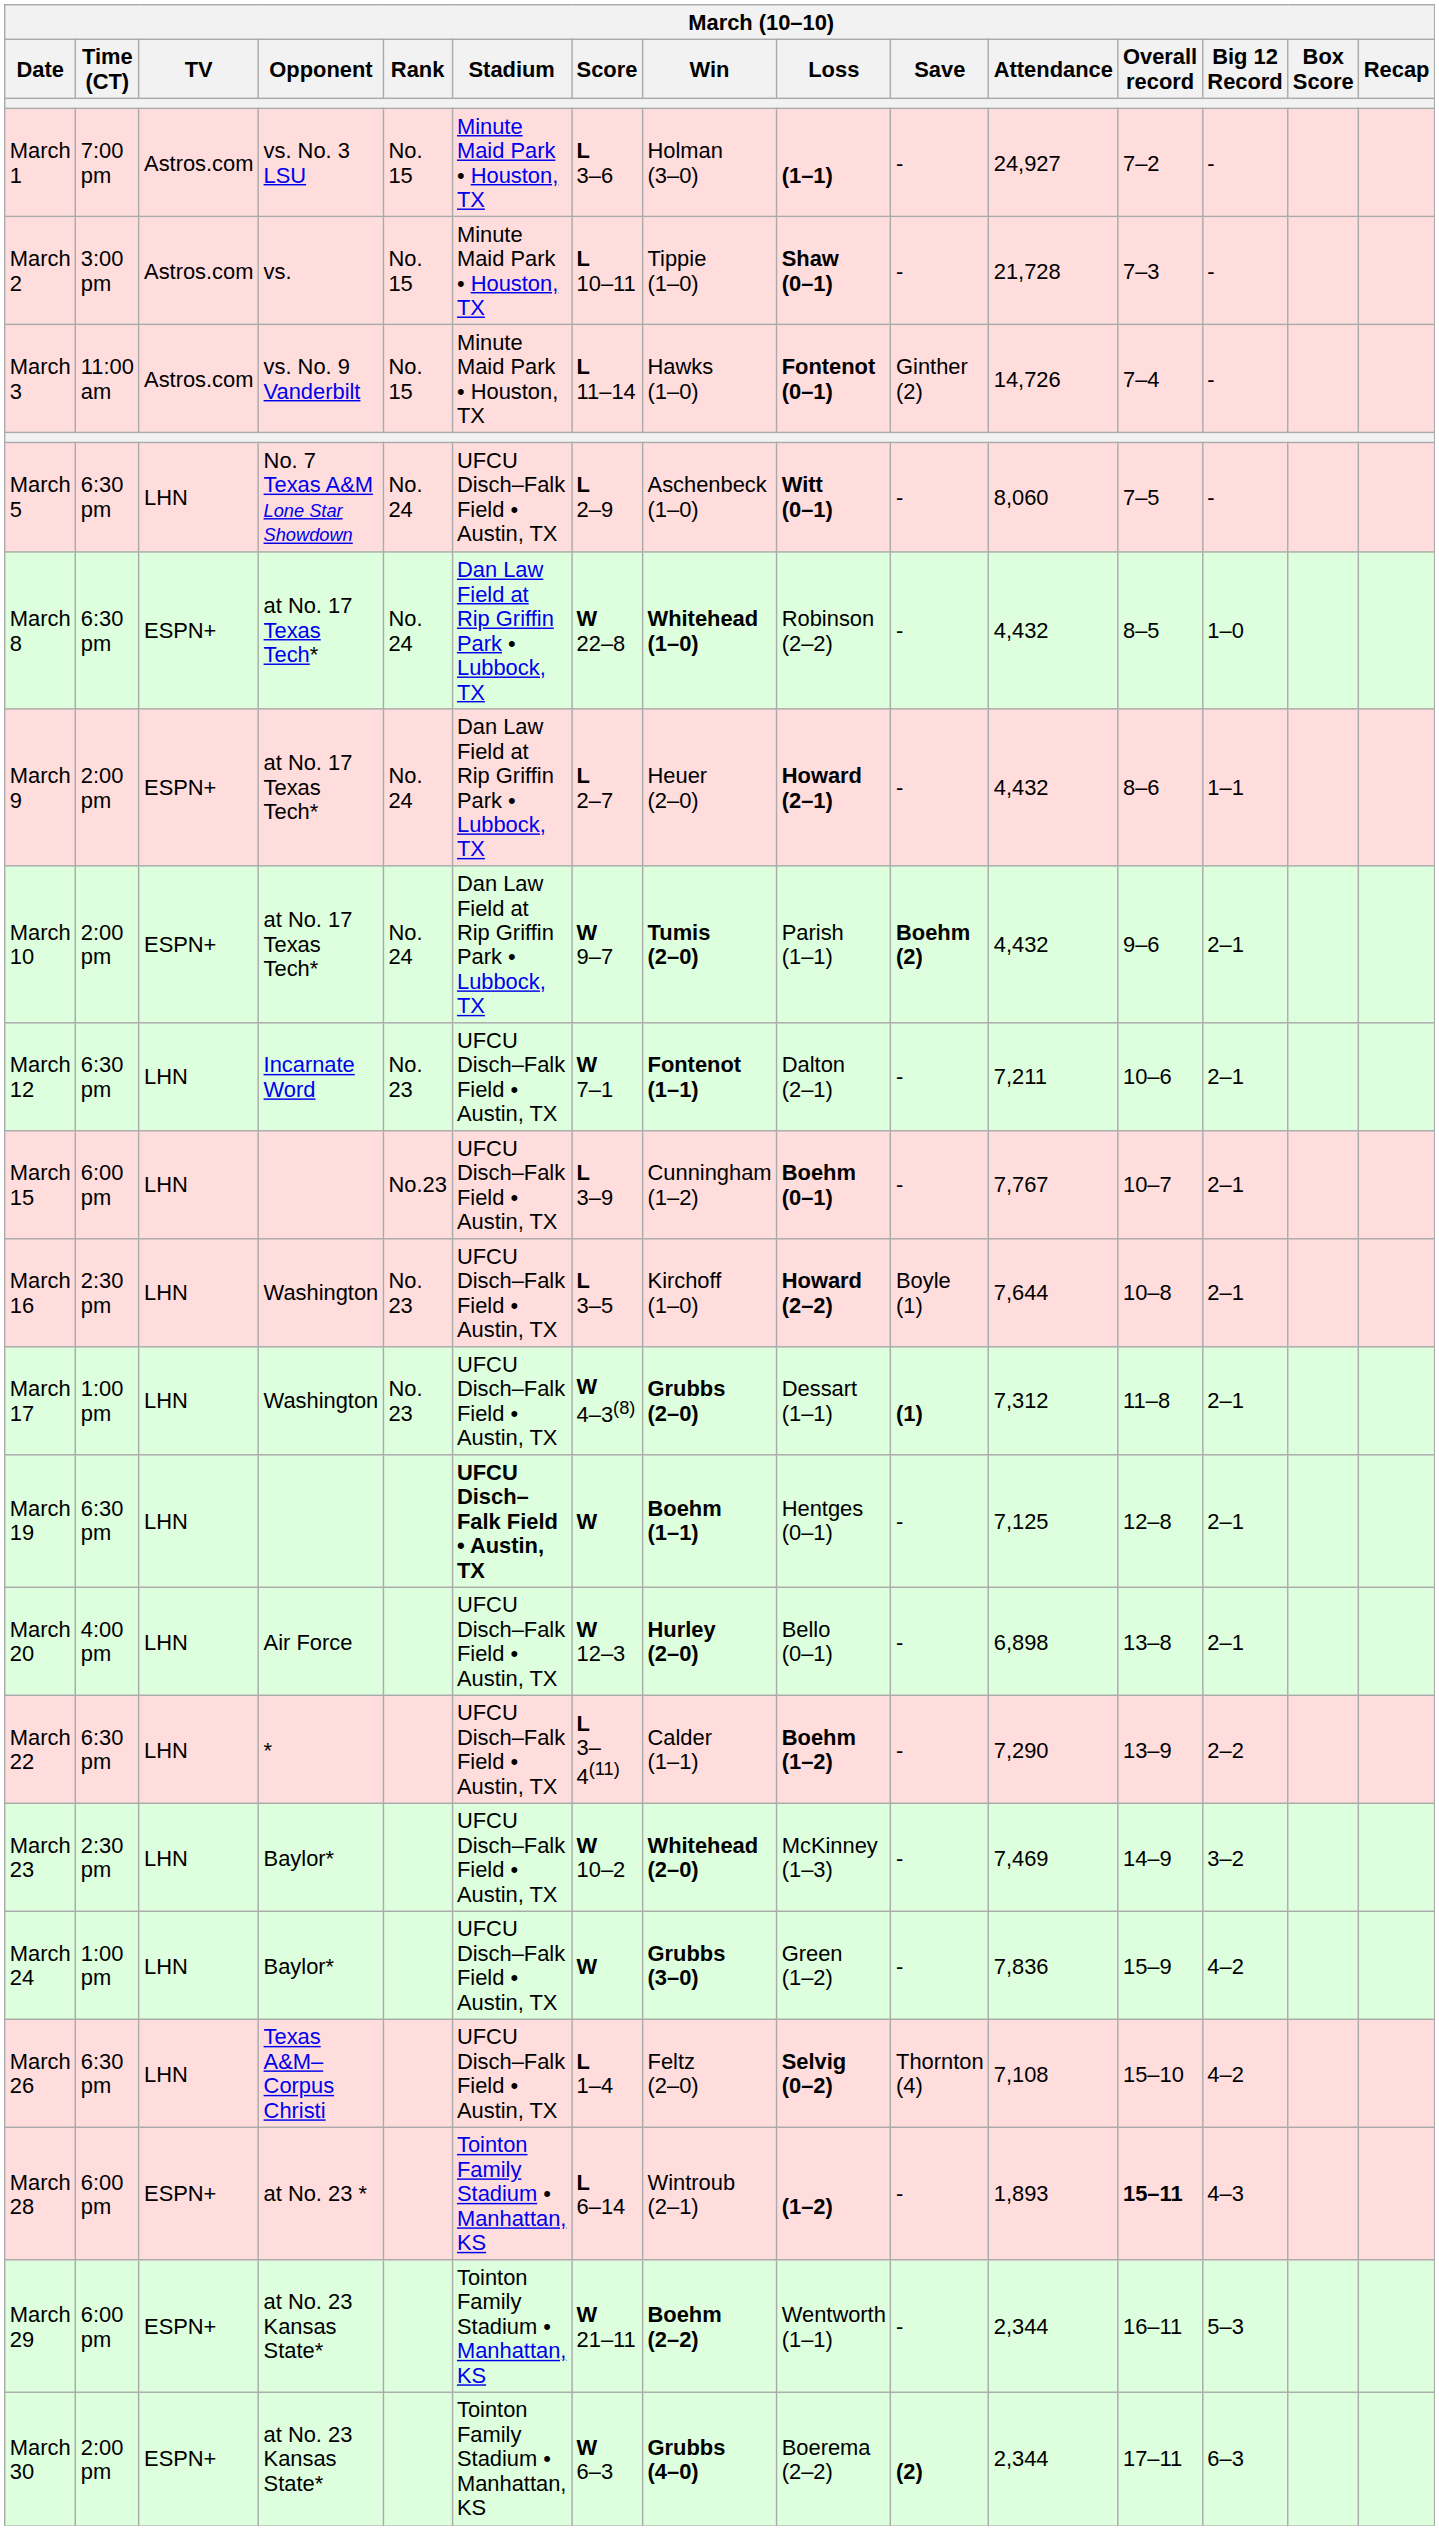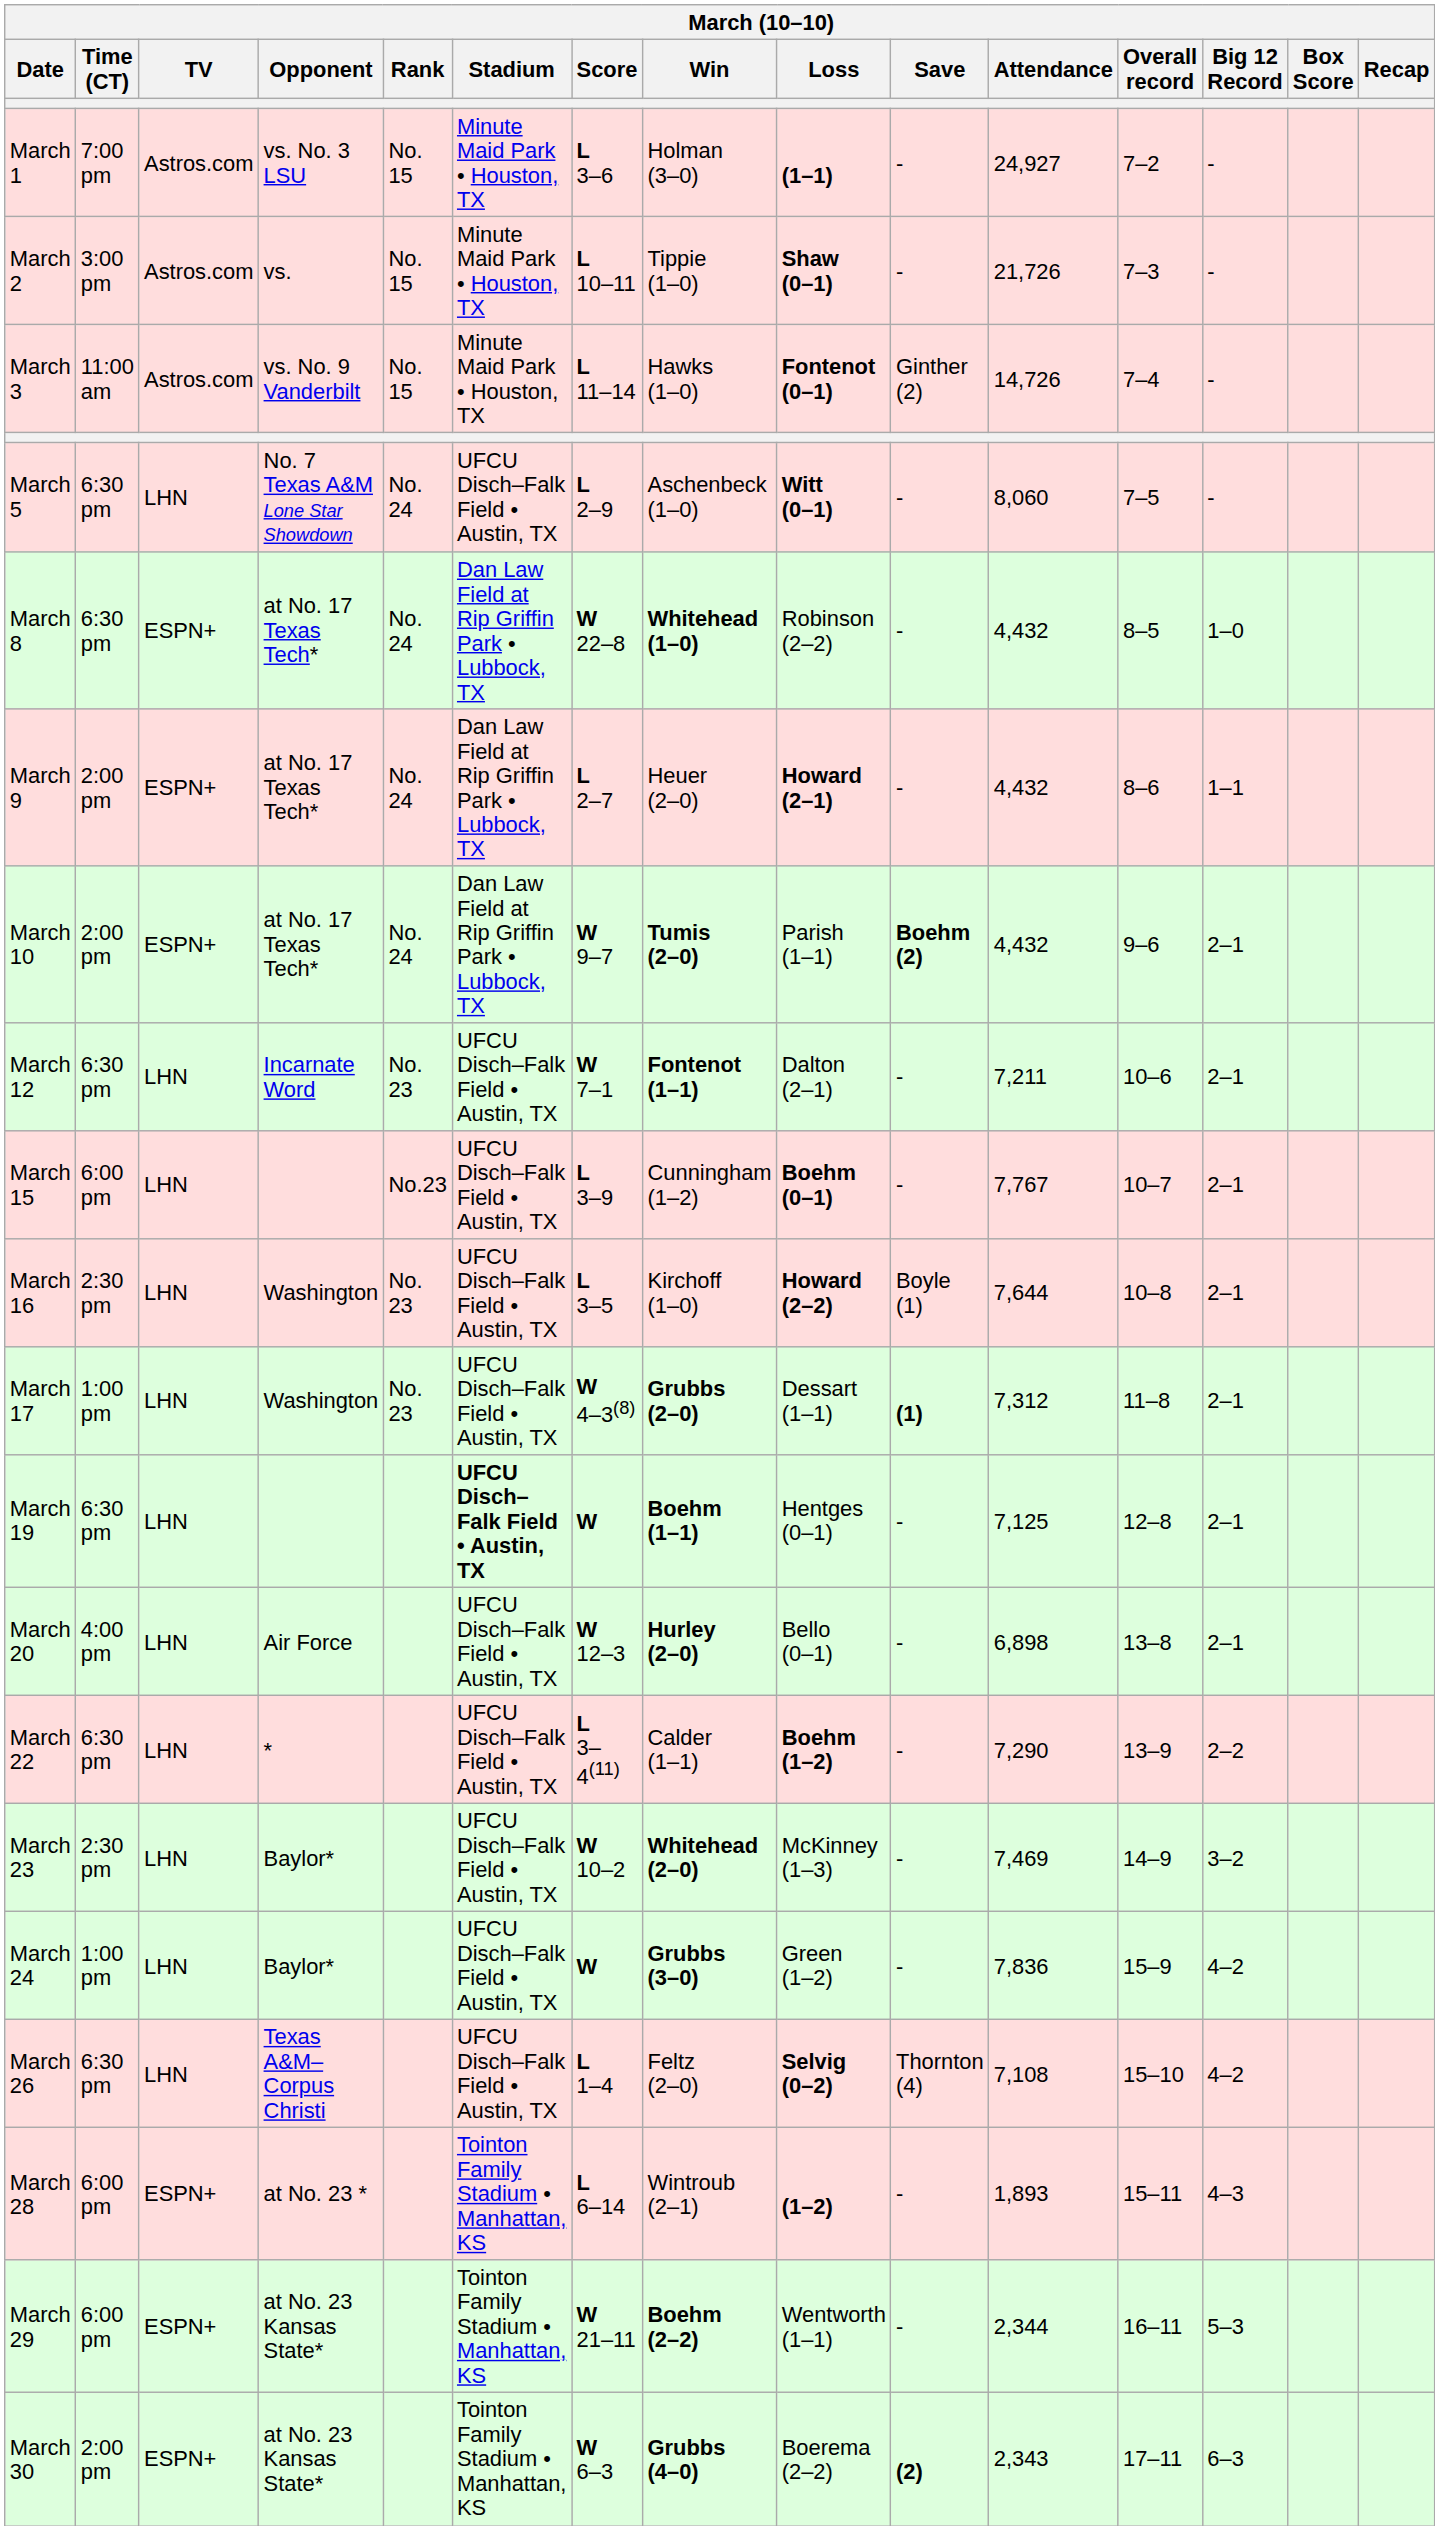 <table class="wikitable collapsible collapsed" style="margin:auto; font-size:95%; width:100%">
 <tr>
 <th colspan=15 style="padding-left:4em;">March (10–10)</th>
 </tr>
 <tr>
 <th>Date</th>
 <th>Time (CT)</th>
 <th>TV</th>
 <th>Opponent</th>
 <th>Rank</th>
 <th>Stadium</th>
 <th>Score</th>
 <th>Win</th>
 <th>Loss</th>
 <th>Save</th>
 <th>Attendance</th>
 <th>Overall record</th>
 <th>Big 12 Record</th>
 <th>Box Score</th>
 <th>Recap</th>
 </tr>
 <tr>
 <th colspan=15></th>
 </tr>
 <tr bgcolor=ffdddd>
 <td>March 1</td>
 <td>7:00 pm</td>
 <td>Astros.com</td>
 <td>vs. No. 3 <a href='#'>LSU</a></td>
 <td>No. 15</td>
 <td><a href='#'>Minute Maid Park</a> • <a href='#'>Houston, TX</a></td>
 <td><strong>L</strong><br>3–6</td>
 <td>Holman<br>(3–0)</td>
 <td><strong><br>(1–1)</strong></td>
 <td>-</td>
 <td>24,927</td>
 <td>7–2</td>
 <td>-</td>
 <td></td>
 <td></td>
 </tr>
 <tr bgcolor=ffdddd>
 <td>March 2</td>
 <td>3:00 pm</td>
 <td>Astros.com</td>
 <td>vs.  </td>
 <td>No. 15</td>
 <td>Minute Maid Park • <a href='#'>Houston, TX</a></td>
 <td><strong>L</strong><br>10–11</td>
 <td>Tippie<br>(1–0)</td>
 <td><strong>Shaw<br>(0–1)</strong></td>
 <td>-</td>
-<td>21,728</td>
+<td>21,726</td>
 <td>7–3</td>
 <td>-</td>
 <td></td>
 <td></td>
 </tr>
 <tr bgcolor=ffdddd>
 <td>March 3</td>
 <td>11:00 am</td>
 <td>Astros.com</td>
 <td>vs.  No. 9 <a href='#'>Vanderbilt</a></td>
 <td>No. 15</td>
 <td>Minute Maid Park • Houston, TX</td>
 <td><strong>L</strong><br>11–14</td>
 <td>Hawks<br>(1–0)</td>
 <td><strong>Fontenot<br>(0–1)</strong></td>
 <td>Ginther<br>(2)</td>
 <td>14,726</td>
 <td>7–4</td>
 <td>-</td>
 <td></td>
 <td></td>
 </tr>
 <tr>
 <th colspan=15></th>
 </tr>
 <tr bgcolor=ffdddd>
 <td>March 5</td>
 <td>6:30 pm</td>
 <td>LHN</td>
 <td>No. 7 <a href='#'>Texas A&M</a><br><small><em><a href='#'>Lone Star Showdown</a></em></small></td>
 <td>No. 24</td>
 <td>UFCU Disch–Falk Field • Austin, TX</td>
 <td><strong>L</strong><br>2–9</td>
 <td>Aschenbeck<br>(1–0)</td>
 <td><strong>Witt<br>(0–1)</strong></td>
 <td>-</td>
 <td>8,060</td>
 <td>7–5</td>
 <td>-</td>
 <td></td>
 <td></td>
 </tr>
 <tr bgcolor=ddffdd>
 <td>March 8</td>
 <td>6:30 pm</td>
 <td>ESPN+</td>
 <td>at  No. 17 <a href='#'>Texas Tech</a>*</td>
 <td>No. 24</td>
 <td><a href='#'>Dan Law Field at Rip Griffin Park</a> • <a href='#'>Lubbock, TX</a></td>
 <td><strong>W</strong><br>22–8</td>
 <td><strong>Whitehead<br>(1–0)</strong></td>
 <td>Robinson<br>(2–2)</td>
 <td>-</td>
 <td>4,432</td>
 <td>8–5</td>
 <td>1–0</td>
 <td></td>
 <td></td>
 </tr>
 <tr bgcolor= ffdddd>
 <td>March 9</td>
 <td>2:00 pm</td>
 <td>ESPN+</td>
 <td>at  No. 17 Texas Tech*</td>
 <td>No. 24</td>
 <td>Dan Law Field at Rip Griffin Park • <a href='#'>Lubbock, TX</a></td>
 <td><strong>L</strong><br>2–7</td>
 <td>Heuer<br>(2–0)</td>
 <td><strong>Howard<br>(2–1)</strong></td>
 <td>-</td>
 <td>4,432</td>
 <td>8–6</td>
 <td>1–1</td>
 <td></td>
 <td></td>
 </tr>
 <tr bgcolor=ddffdd>
 <td>March 10</td>
 <td>2:00 pm</td>
 <td>ESPN+</td>
 <td>at  No. 17 Texas Tech*</td>
 <td>No. 24</td>
 <td>Dan Law Field at Rip Griffin Park • <a href='#'>Lubbock, TX</a></td>
 <td><strong>W</strong><br>9–7</td>
 <td><strong>Tumis<br>(2–0)</strong></td>
 <td>Parish<br>(1–1)</td>
 <td><strong>Boehm<br>(2)</strong></td>
 <td>4,432</td>
 <td>9–6</td>
 <td>2–1</td>
 <td></td>
 <td></td>
 </tr>
 <tr bgcolor=ddffdd>
 <td>March 12</td>
 <td>6:30 pm</td>
 <td>LHN</td>
 <td><a href='#'>Incarnate Word</a></td>
 <td>No. 23</td>
 <td>UFCU Disch–Falk Field • Austin, TX</td>
 <td><strong>W</strong><br>7–1</td>
 <td><strong>Fontenot<br>(1–1)</strong></td>
 <td>Dalton<br>(2–1)</td>
 <td>-</td>
 <td>7,211</td>
 <td>10–6</td>
 <td>2–1</td>
 <td></td>
 <td></td>
 </tr>
 <tr bgcolor=ffdddd>
 <td>March 15</td>
 <td>6:00 pm</td>
 <td>LHN</td>
 <td></td>
 <td>No.23</td>
 <td>UFCU Disch–Falk Field • Austin, TX</td>
 <td><strong>L</strong><br>3–9</td>
 <td>Cunningham<br>(1–2)</td>
 <td><strong>Boehm<br>(0–1)</strong></td>
 <td>-</td>
 <td>7,767</td>
 <td>10–7</td>
 <td>2–1</td>
 <td></td>
 <td></td>
 </tr>
 <tr bgcolor=ffdddd>
 <td>March 16</td>
 <td>2:30 pm</td>
 <td>LHN</td>
 <td>Washington</td>
 <td>No. 23</td>
 <td>UFCU Disch–Falk Field • Austin, TX</td>
 <td><strong>L</strong><br>3–5</td>
 <td>Kirchoff<br>(1–0)</td>
 <td><strong>Howard<br>(2–2)</strong></td>
 <td>Boyle<br>(1)</td>
 <td>7,644</td>
 <td>10–8</td>
 <td>2–1</td>
 <td></td>
 <td></td>
 </tr>
 <tr bgcolor=ddffdd>
 <td>March 17</td>
 <td>1:00 pm</td>
 <td>LHN</td>
 <td>Washington</td>
 <td>No. 23</td>
 <td>UFCU Disch–Falk Field • Austin, TX</td>
 <td><strong>W</strong><br>4–3<sup>(8)</sup></td>
 <td><strong>Grubbs<br>(2–0)</strong></td>
 <td>Dessart<br>(1–1)</td>
 <td><strong><br>(1)</strong></td>
 <td>7,312</td>
 <td>11–8</td>
 <td>2–1</td>
 <td></td>
 <td></td>
 </tr>
 <tr bgcolor=ddffdd>
 <td>March 19</td>
 <td>6:30 pm</td>
 <td>LHN</td>
 <td></td>
 <td></td>
 <td><strong>UFCU Disch–Falk Field • Austin, TX</strong></td>
 <td><strong>W</strong><br></td>
 <td><strong>Boehm<br>(1–1)</strong></td>
 <td>Hentges<br>(0–1)</td>
 <td>-</td>
 <td>7,125</td>
 <td>12–8</td>
 <td>2–1</td>
 <td></td>
 <td></td>
 </tr>
 <tr bgcolor=ddffdd>
 <td>March 20</td>
 <td>4:00 pm</td>
 <td>LHN</td>
 <td>Air Force</td>
 <td></td>
 <td>UFCU Disch–Falk Field • Austin, TX</td>
 <td><strong>W</strong><br>12–3</td>
 <td><strong>Hurley<br>(2–0)</strong></td>
 <td>Bello<br>(0–1)</td>
 <td>-</td>
 <td>6,898</td>
 <td>13–8</td>
 <td>2–1</td>
 <td></td>
 <td></td>
 </tr>
 <tr bgcolor=ffdddd>
 <td>March 22</td>
 <td>6:30 pm</td>
 <td>LHN</td>
 <td>*</td>
 <td></td>
 <td>UFCU Disch–Falk Field • Austin, TX</td>
 <td><strong>L</strong><br>3–4<sup>(11)</sup></td>
 <td>Calder<br>(1–1)</td>
 <td><strong>Boehm<br>(1–2)</strong></td>
 <td>-</td>
 <td>7,290</td>
 <td>13–9</td>
 <td>2–2</td>
 <td></td>
 <td></td>
 </tr>
 <tr bgcolor=ddffdd>
 <td>March 23</td>
 <td>2:30 pm</td>
 <td>LHN</td>
 <td>Baylor*</td>
 <td></td>
 <td>UFCU Disch–Falk Field • Austin, TX</td>
 <td><strong>W</strong><br>10–2</td>
 <td><strong>Whitehead<br>(2–0)</strong></td>
 <td>McKinney<br>(1–3)</td>
 <td>-</td>
 <td>7,469</td>
 <td>14–9</td>
 <td>3–2</td>
 <td></td>
 <td></td>
 </tr>
 <tr bgcolor=ddffdd>
 <td>March 24</td>
 <td>1:00 pm</td>
 <td>LHN</td>
 <td>Baylor*</td>
 <td></td>
 <td>UFCU Disch–Falk Field • Austin, TX</td>
 <td><strong>W</strong><br></td>
 <td><strong>Grubbs<br>(3–0)</strong></td>
 <td>Green<br>(1–2)</td>
 <td>-</td>
 <td>7,836</td>
 <td>15–9</td>
 <td>4–2</td>
 <td></td>
 <td></td>
 </tr>
 <tr bgcolor=ffdddd>
 <td>March 26</td>
 <td>6:30 pm</td>
 <td>LHN</td>
 <td><a href='#'>Texas A&M–Corpus Christi</a></td>
 <td></td>
 <td>UFCU Disch–Falk Field • Austin, TX</td>
 <td><strong>L</strong><br>1–4</td>
 <td>Feltz<br>(2–0)</td>
 <td><strong>Selvig<br>(0–2)</strong></td>
 <td>Thornton<br>(4)</td>
 <td>7,108</td>
 <td>15–10</td>
 <td>4–2</td>
 <td></td>
 <td></td>
 </tr>
 <tr bgcolor=ffdddd>
 <td>March 28</td>
 <td>6:00 pm</td>
 <td>ESPN+</td>
 <td>at  No. 23 *</td>
 <td></td>
 <td><a href='#'>Tointon Family Stadium</a> • <a href='#'>Manhattan, KS</a></td>
 <td><strong>L</strong><br>6–14</td>
 <td>Wintroub<br>(2–1)</td>
 <td><strong><br>(1–2)</strong></td>
 <td>-</td>
 <td>1,893</td>
-<td><strong>15–11</strong></td>
+<td>15–11</td>
 <td>4–3</td>
 <td></td>
 <td></td>
 </tr>
 <tr bgcolor=ddffdd>
 <td>March 29</td>
 <td>6:00 pm</td>
 <td>ESPN+</td>
 <td>at  No. 23 Kansas State*</td>
 <td></td>
 <td>Tointon Family Stadium • <a href='#'>Manhattan, KS</a></td>
 <td><strong>W</strong><br>21–11</td>
 <td><strong>Boehm<br>(2–2)</strong></td>
 <td>Wentworth<br>(1–1)</td>
 <td>-</td>
 <td>2,344</td>
 <td>16–11</td>
 <td>5–3</td>
 <td></td>
 <td></td>
 </tr>
 <tr bgcolor=ddffdd>
 <td>March 30</td>
 <td>2:00 pm</td>
 <td>ESPN+</td>
 <td>at  No. 23 Kansas State*</td>
 <td></td>
 <td>Tointon Family Stadium • Manhattan, KS</td>
 <td><strong>W</strong><br>6–3</td>
 <td><strong>Grubbs<br>(4–0)</strong></td>
 <td>Boerema<br>(2–2)</td>
 <td><strong><br>(2)</strong></td>
-<td>2,344</td>
+<td>2,343</td>
 <td>17–11</td>
 <td>6–3</td>
 <td></td>
 <td></td>
 </tr>
 </table>
